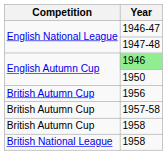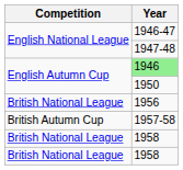 <table class="wikitable">
 <tr>
 <th>Competition</th>
 <th>Year</th>
 </tr>
 <tr>
 <td rowspan="2"><a href='#'>English National League</a></td>
 <td>1946-47</td>
 </tr>
 <tr>
 <td>1947-48</td>
 </tr>
 <tr>
 <td rowspan="2"><a href='#'>English Autumn Cup</a></td>
 <td style="background: lightgreen;">1946</td>
 </tr>
 <tr>
 <td>1950</td>
 </tr>
 <tr>
-<td><a href='#'>British Autumn Cup</a></td>
+<td><a href='#'>British National League</a></td>
 <td>1956</td>
 </tr>
 <tr>
 <td>British Autumn Cup</td>
 <td>1957-58</td>
 </tr>
 <tr>
-<td>British Autumn Cup</td>
+<td><a href='#'>British National League</a></td>
 <td>1958</td>
 </tr>
 <tr>
 <td><a href='#'>British National League</a></td>
 <td>1958</td>
 </tr>
 </table>
